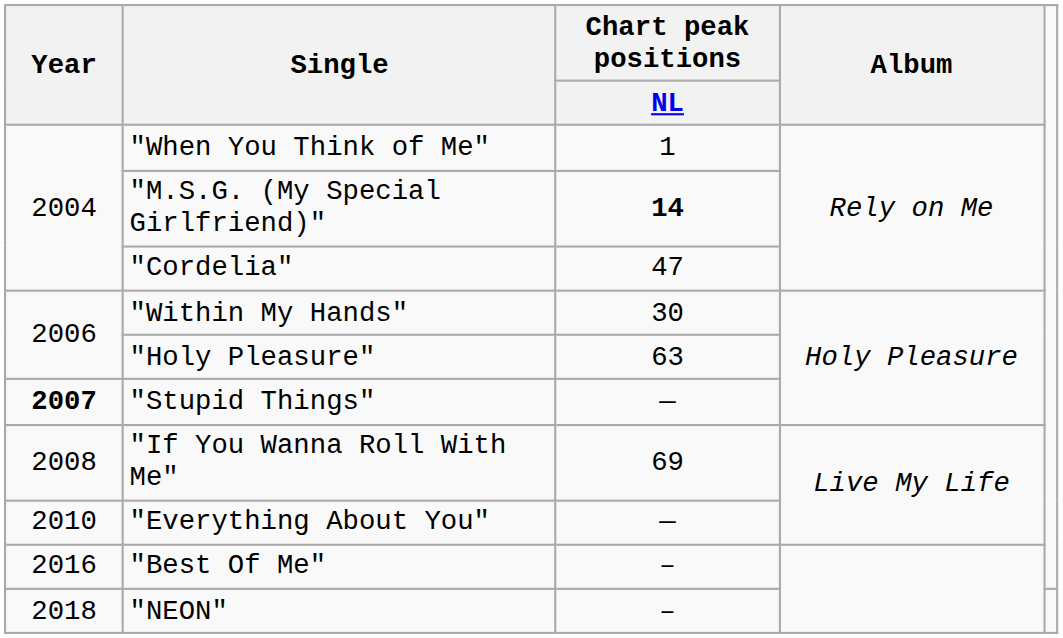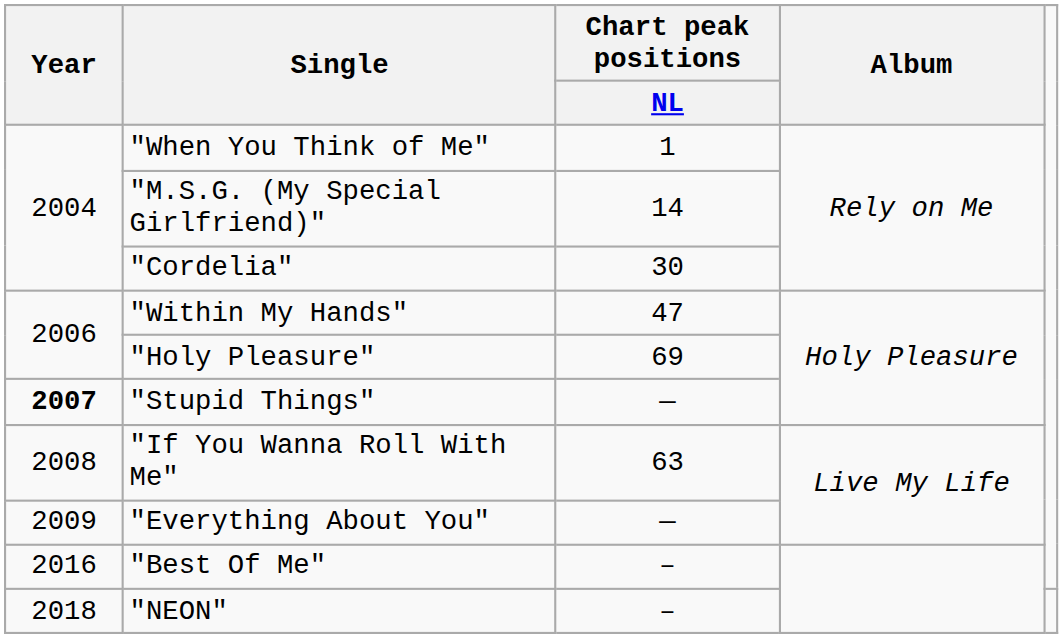 <table class="wikitable">
 <tr>
 <th rowspan="2" width="50">Year</th>
 <th rowspan="2" width="200">Single</th>
 <th colspan="1" width="100">Chart peak positions</th>
 <th rowspan="2" width="120">Album</th>
 </tr>
 <tr>
 <th><a href='#'>NL</a></th>
 </tr>
 <tr>
 <td rowspan="3" align="center">2004</td>
 <td>"When You Think of Me"</td>
 <td align="center">1</td>
 <td rowspan="3" align="center"><em>Rely on Me</em></td>
 </tr>
 <tr>
 <td>"M.S.G. (My Special Girlfriend)"</td>
-<td align="center"><strong>14</strong></td>
+<td align="center">14</td>
 </tr>
 <tr>
 <td>"Cordelia"</td>
-<td align="center">47</td>
+<td align="center">30</td>
 </tr>
 <tr>
 <td rowspan="2" align="center">2006</td>
 <td>"Within My Hands"</td>
-<td align="center">30</td>
+<td align="center">47</td>
 <td rowspan="3" align="center"><em>Holy Pleasure</em></td>
 </tr>
 <tr>
 <td>"Holy Pleasure"</td>
-<td align="center">63</td>
+<td align="center">69</td>
 </tr>
 <tr>
 <td rowspan="1" align="center"><strong>2007</strong></td>
 <td>"Stupid Things"</td>
 <td align="center">—</td>
 </tr>
 <tr>
 <td rowspan="1" align="center">2008</td>
 <td>"If You Wanna Roll With Me"</td>
-<td align="center">69</td>
+<td align="center">63</td>
 <td rowspan="2" align="center"><em>Live My Life</em></td>
 </tr>
 <tr>
-<td rowspan="1" align="center">2010</td>
+<td rowspan="1" align="center">2009</td>
 <td>"Everything About You"</td>
 <td align="center">—</td>
 </tr>
 <tr>
 <td rowspan="1" align="center">2016</td>
 <td>"Best Of Me"</td>
 <td align="center">–</td>
 <td rowspan="2" align="center"></td>
 </tr>
 <tr>
 <td rowspan="1" align="center">2018</td>
 <td>"NEON"</td>
 <td align="center">–</td>
 <td rowspan="2" align="center"></td>
 </tr>
 </table>
